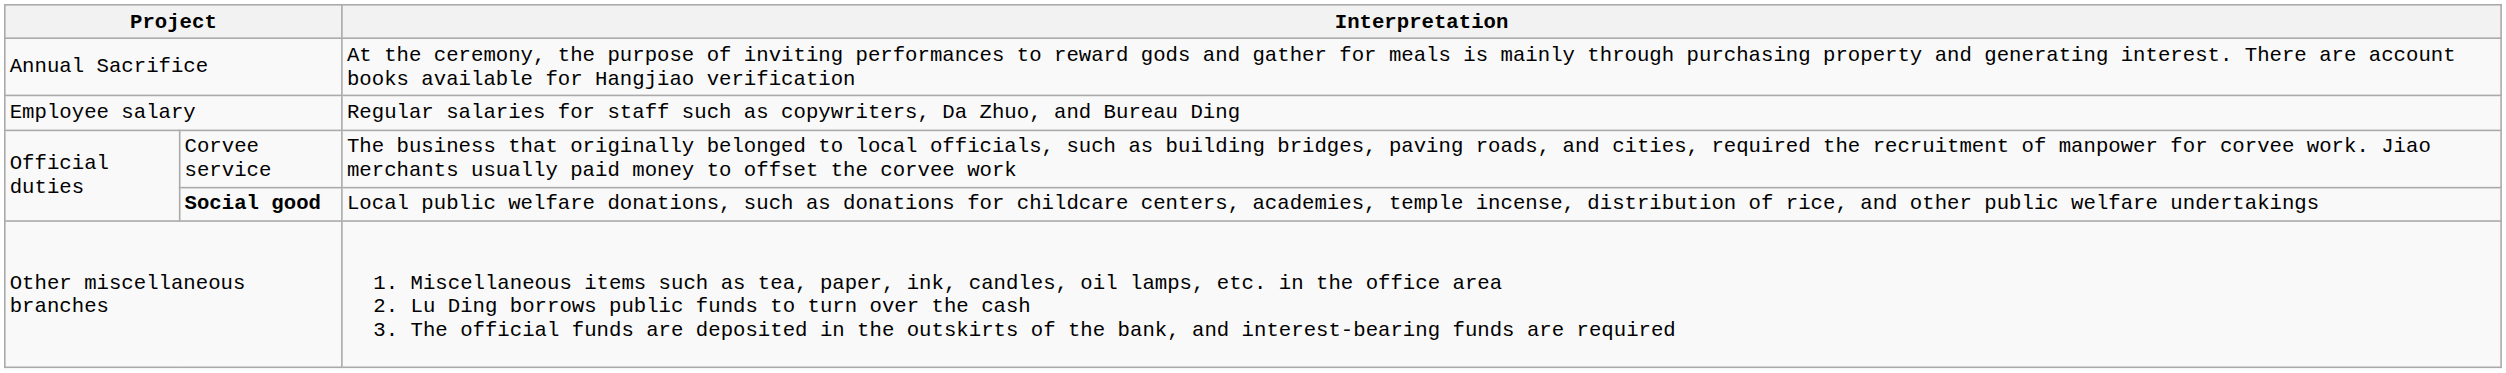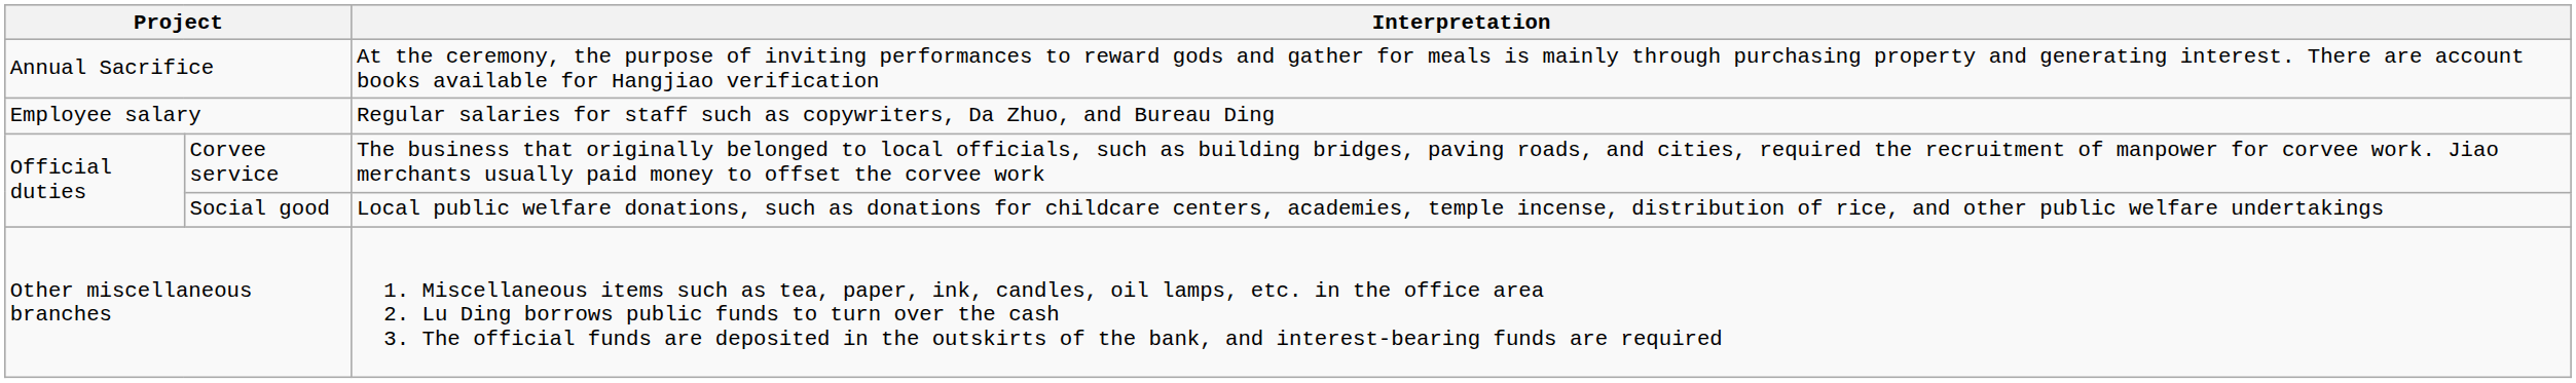 <table class="wikitable">
 <tr>
 <th colspan="2">Project</th>
 <th>Interpretation</th>
 </tr>
 <tr>
 <td colspan="2">Annual Sacrifice</td>
 <td>At the ceremony, the purpose of inviting performances to reward gods and gather for meals is mainly through purchasing property and generating interest. There are account books available for Hangjiao verification</td>
 </tr>
 <tr>
 <td colspan="2">Employee salary</td>
 <td>Regular salaries for staff such as copywriters, Da Zhuo, and Bureau Ding</td>
 </tr>
 <tr>
 <td rowspan="2">Official duties</td>
 <td>Corvee service</td>
 <td>The business that originally belonged to local officials, such as building bridges, paving roads, and cities, required the recruitment of manpower for corvee work. Jiao merchants usually paid money to offset the corvee work</td>
 </tr>
 <tr>
-<td><strong>Social good</strong></td>
+<td>Social good</td>
 <td>Local public welfare donations, such as donations for childcare centers, academies, temple incense, distribution of rice, and other public welfare undertakings</td>
 </tr>
 <tr>
 <td colspan="2">Other miscellaneous branches</td>
 <td><br><ol><li>Miscellaneous items such as tea, paper, ink, candles, oil lamps, etc. in the office area</li><li>Lu Ding borrows public funds to turn over the cash</li><li>The official funds are deposited in the outskirts of the bank, and interest-bearing funds are required</li></ol></td>
 </tr>
 </table>
